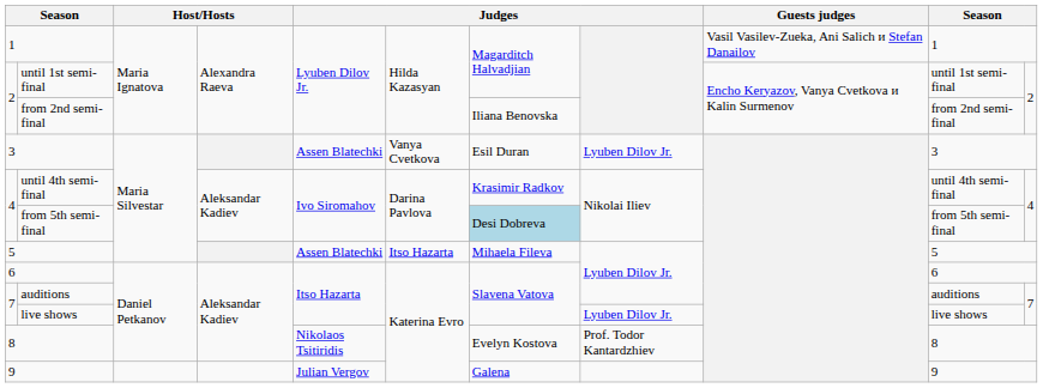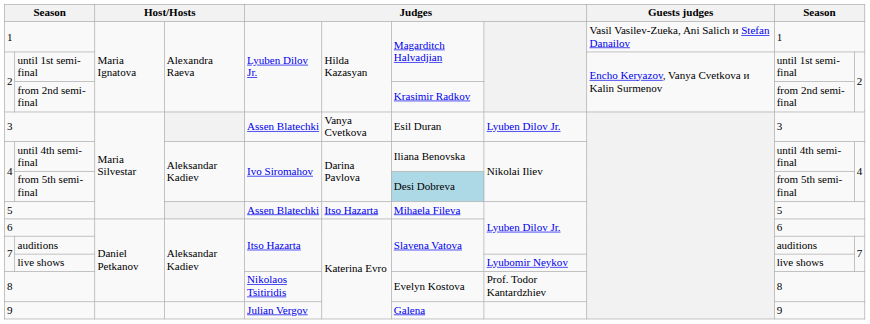 <table class="wikitable sortable">
 <tr>
 <th colspan="2">Season</th>
 <th colspan="2">Host/Hosts</th>
 <th colspan="4">Judges</th>
 <th>Guests judges</th>
 <th colspan="2">Season</th>
 </tr>
 <tr>
 <td colspan="2">1</td>
 <td rowspan="3">Maria Ignatova</td>
 <td rowspan="3">Alexandra Raeva</td>
 <td rowspan="3"><a href='#'>Lyuben Dilov Jr.</a></td>
 <td rowspan="3">Hilda Kazasyan</td>
 <td rowspan="2"><a href='#'>Magarditch Halvadjian</a></td>
 <th rowspan="3"></th>
 <td>Vasil Vasilev-Zueka, Ani Salich и <a href='#'>Stefan Danailov</a></td>
 <td colspan="2">1</td>
 </tr>
 <tr>
 <td rowspan="2">2</td>
 <td>until 1st semi-final</td>
 <td rowspan="2"><a href='#'>Encho Keryazov</a>, Vanya Cvetkova и Kalin Surmenov</td>
 <td>until 1st semi-final</td>
 <td rowspan="2">2</td>
 </tr>
 <tr>
 <td>from 2nd semi-final</td>
-<td>Iliana Benovska</td>
+<td><a href='#'>Krasimir Radkov</a></td>
 <td>from 2nd semi-final</td>
 </tr>
 <tr>
 <td colspan="2">3</td>
 <td rowspan="4">Maria Silvestar</td>
 <th></th>
 <td><a href='#'>Assen Blatechki</a></td>
 <td>Vanya Cvetkova</td>
 <td>Esil Duran</td>
 <td><a href='#'>Lyuben Dilov Jr.</a></td>
 <th rowspan="9"></th>
 <td colspan="2">3</td>
 </tr>
 <tr>
 <td rowspan="2">4</td>
 <td>until 4th semi-final</td>
 <td rowspan="2">Aleksandar Kadiev</td>
 <td rowspan="2"><a href='#'>Ivo Siromahov</a></td>
 <td rowspan="2">Darina Pavlova</td>
-<td><a href='#'>Krasimir Radkov</a></td>
+<td>Iliana Benovska</td>
 <td rowspan="2">Nikolai Iliev</td>
 <td>until 4th semi-final</td>
 <td rowspan="2">4</td>
 </tr>
 <tr>
 <td>from 5th semi-final</td>
 <td style="background: lightblue;">Desi Dobreva</td>
 <td>from 5th semi-final</td>
 </tr>
 <tr>
 <td colspan="2">5</td>
 <th></th>
 <td><a href='#'>Assen Blatechki</a></td>
 <td><a href='#'>Itso Hazarta</a></td>
 <td><a href='#'>Mihaela Fileva</a></td>
 <td rowspan="3"><a href='#'>Lyuben Dilov Jr.</a></td>
 <td colspan="2">5</td>
 </tr>
 <tr>
 <td colspan="2">6</td>
 <td rowspan="4">Daniel Petkanov</td>
 <td rowspan="4">Aleksandar Kadiev</td>
 <td rowspan="3"><a href='#'>Itso Hazarta</a></td>
 <td rowspan="5">Katerina Evro</td>
 <td rowspan="3"><a href='#'>Slavena Vatova</a></td>
 <td colspan="2">6</td>
 </tr>
 <tr>
 <td rowspan="2">7</td>
 <td>auditions</td>
 <td>auditions</td>
 <td rowspan="2">7</td>
 </tr>
 <tr>
 <td>live shows</td>
-<td><a href='#'>Lyuben Dilov Jr.</a></td>
+<td><a href='#'>Lyubomir Neykov</a></td>
 <td>live shows</td>
 </tr>
 <tr>
 <td colspan="2">8</td>
 <td><a href='#'>Nikolaos Tsitiridis</a></td>
 <td>Evelyn Kostova</td>
 <td>Prof. Todor Kantardzhiev</td>
 <td colspan="2">8</td>
 </tr>
 <tr>
 <td colspan="2">9</td>
 <td></td>
 <td></td>
 <td><a href='#'>Julian Vergov</a></td>
 <td><a href='#'>Galena</a></td>
 <td></td>
 <td colspan="2">9</td>
 </tr>
 </table>
